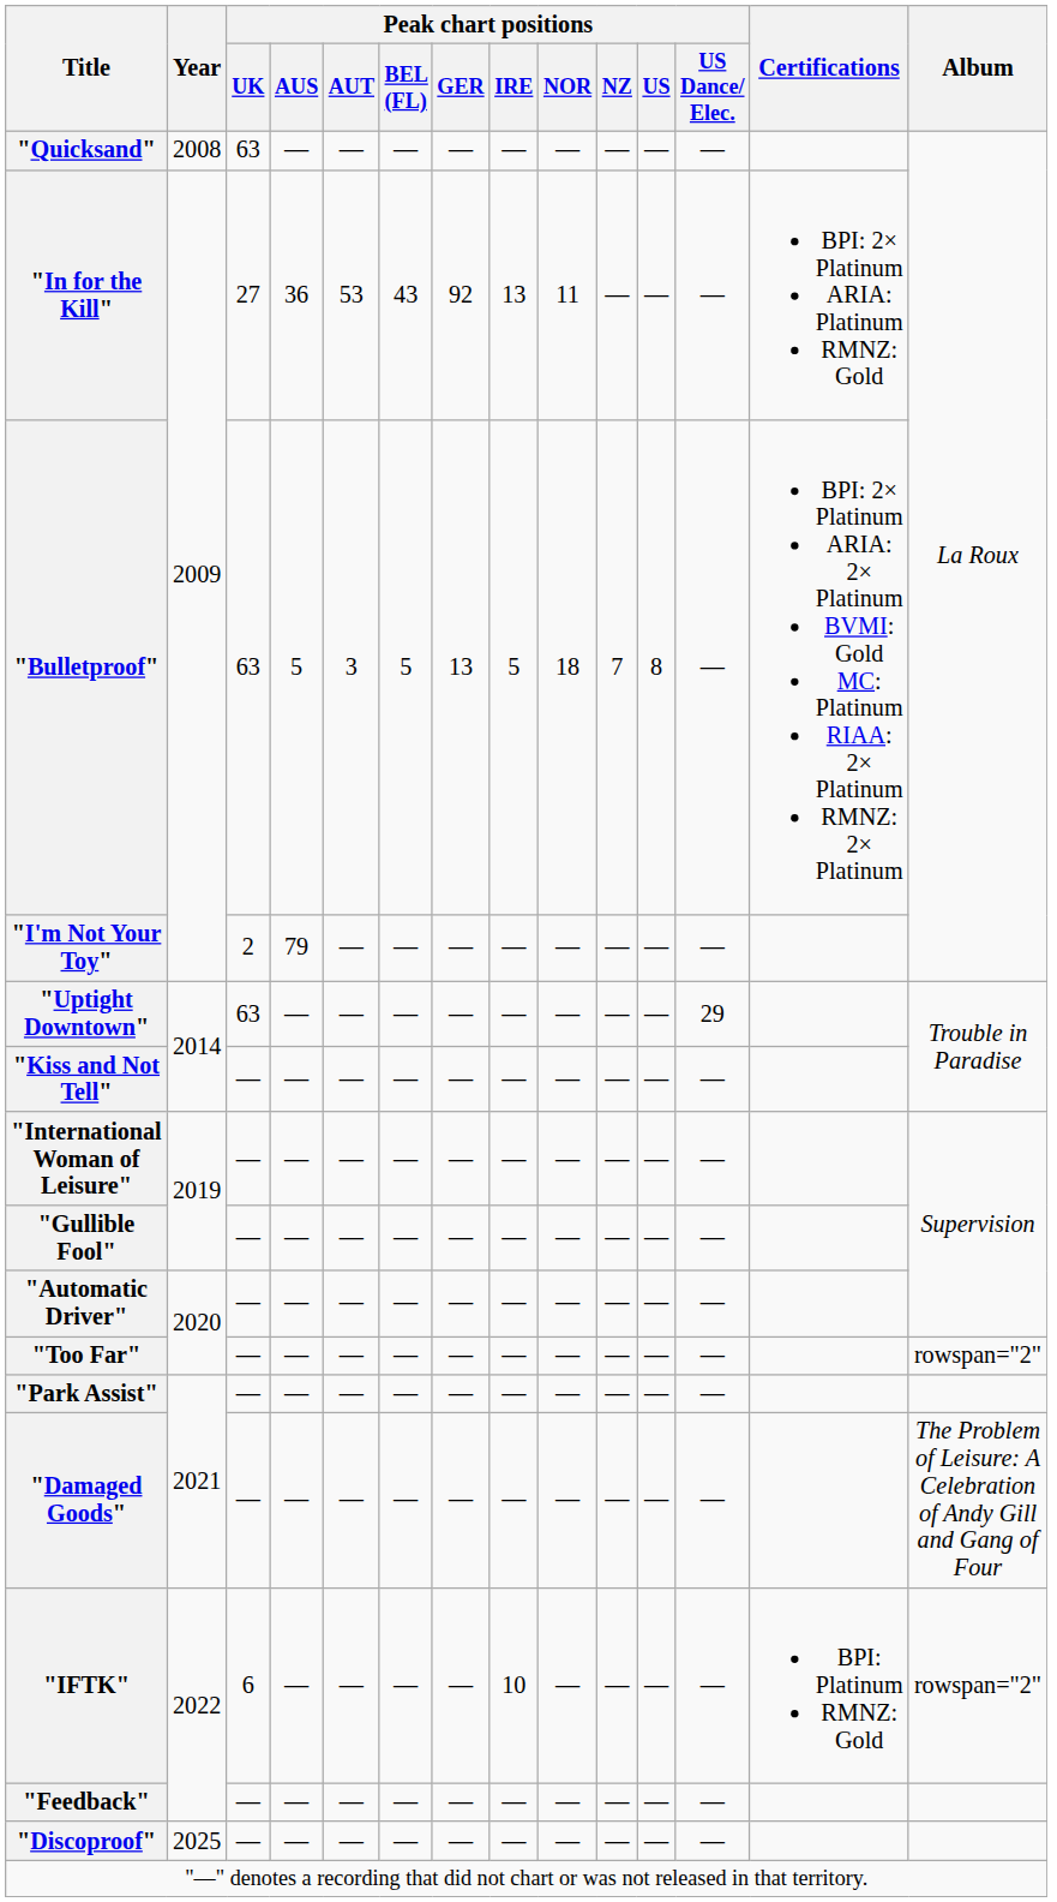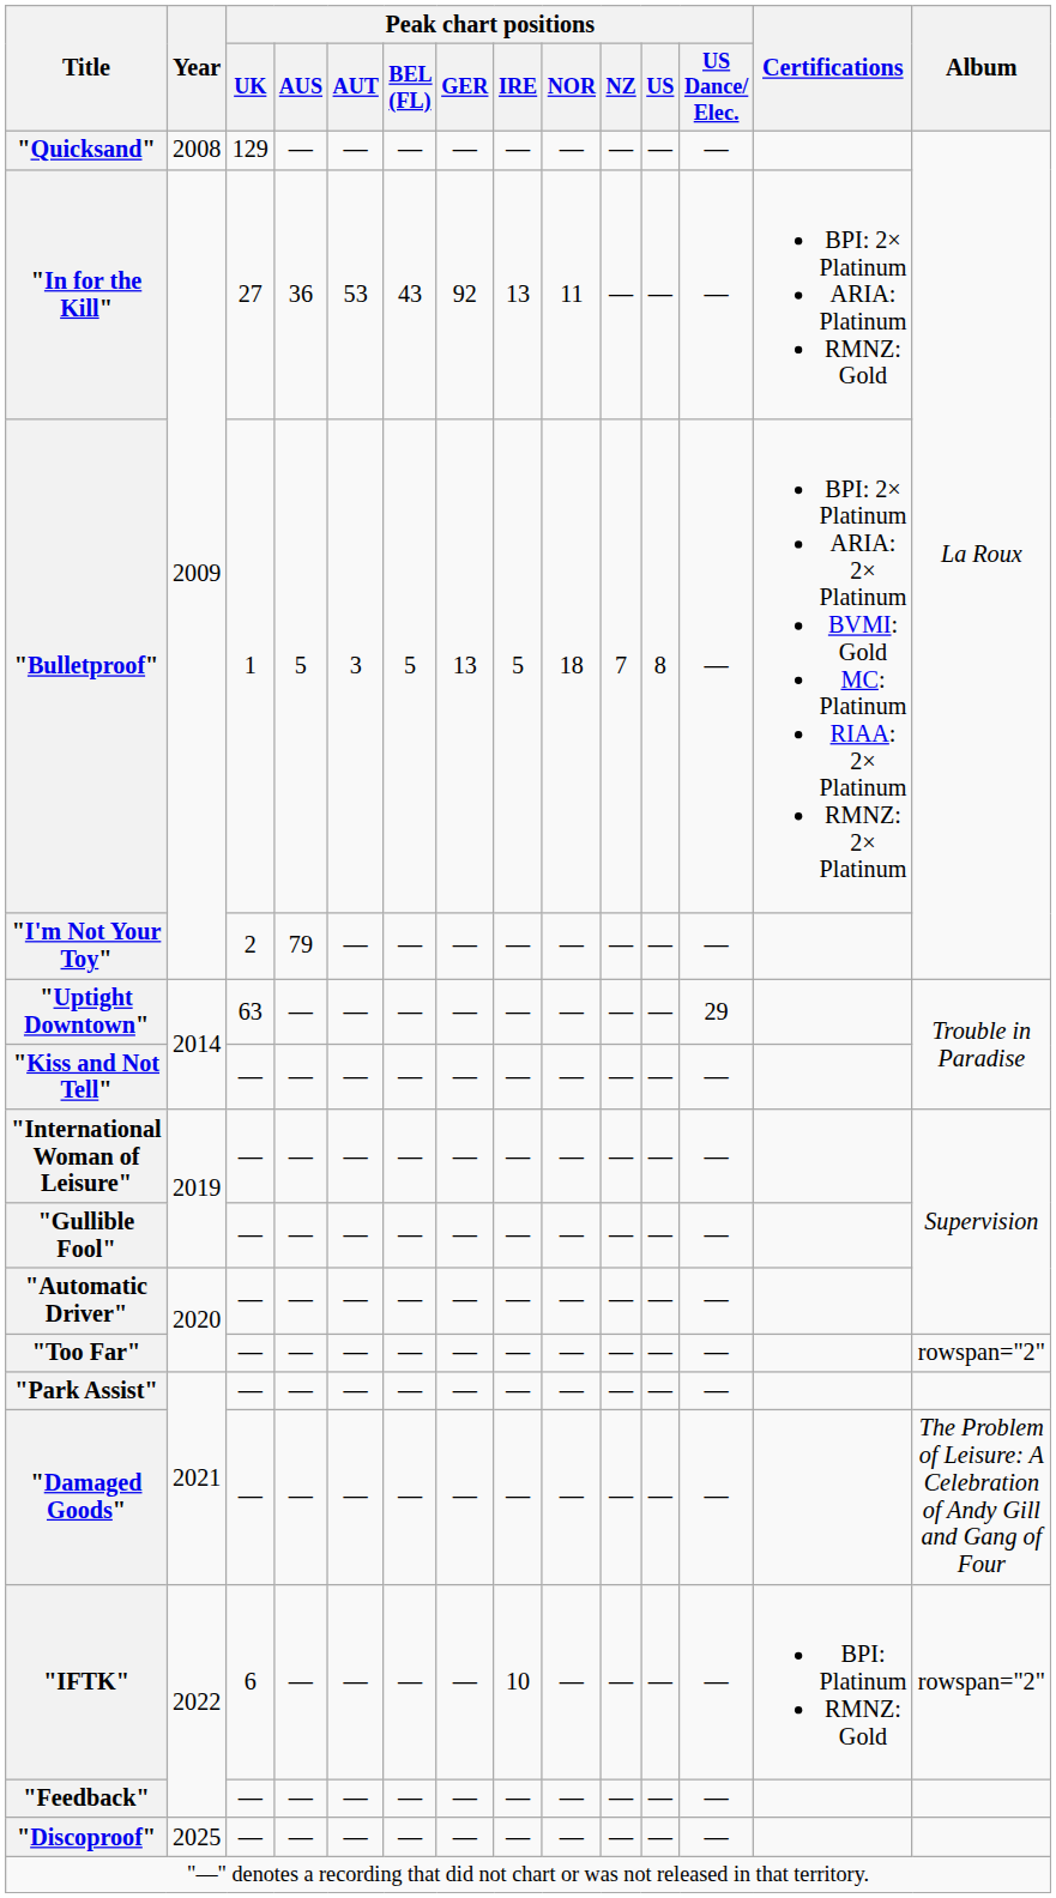 <table class="wikitable plainrowheaders" style="text-align:center">
 <tr>
 <th scope="col" rowspan="2" style="width:15em;">Title</th>
 <th scope="col" rowspan="2">Year</th>
 <th scope="col" colspan="10">Peak chart positions</th>
 <th scope="col" rowspan="2" style="width:12em;"><a href='#'>Certifications</a></th>
 <th scope="col" rowspan="2" style="width:12em;">Album</th>
 </tr>
 <tr>
 <th scope="col" style="width:2.5em;font-size:90%;"><a href='#'>UK</a><br></th>
 <th scope="col" style="width:2.5em;font-size:90%;"><a href='#'>AUS</a><br></th>
 <th scope="col" style="width:2.5em;font-size:90%;"><a href='#'>AUT</a><br></th>
 <th scope="col" style="width:2.5em;font-size:90%;"><a href='#'>BEL (FL)</a><br></th>
 <th scope="col" style="width:2.5em;font-size:90%;"><a href='#'>GER</a><br></th>
 <th scope="col" style="width:2.5em;font-size:90%;"><a href='#'>IRE</a><br></th>
 <th scope="col" style="width:2.5em;font-size:90%;"><a href='#'>NOR</a><br></th>
 <th scope="col" style="width:2.5em;font-size:90%;"><a href='#'>NZ</a><br></th>
 <th scope="col" style="width:2.5em;font-size:90%;"><a href='#'>US</a><br></th>
 <th scope="col" style="width:2.5em;font-size:90%;"><a href='#'>US<br>Dance/<br>Elec.</a><br></th>
 </tr>
 <tr>
 <th scope="row">"<a href='#'>Quicksand</a>"</th>
 <td>2008</td>
-<td>63</td>
+<td>129</td>
 <td>—</td>
 <td>—</td>
 <td>—</td>
 <td>—</td>
 <td>—</td>
 <td>—</td>
 <td>—</td>
 <td>—</td>
 <td>—</td>
 <td></td>
 <td rowspan="4"><em>La Roux</em></td>
 </tr>
 <tr>
 <th scope="row">"<a href='#'>In for the Kill</a>"</th>
 <td rowspan="3">2009</td>
 <td>27</td>
 <td>36</td>
 <td>53</td>
 <td>43</td>
 <td>92</td>
 <td>13</td>
 <td>11</td>
 <td>—</td>
 <td>—</td>
 <td>—</td>
 <td><br><ul><li>BPI: 2× Platinum</li><li>ARIA: Platinum</li><li>RMNZ: Gold</li></ul></td>
 </tr>
 <tr>
 <th scope="row">"<a href='#'>Bulletproof</a>"</th>
-<td>63</td>
+<td>1</td>
 <td>5</td>
 <td>3</td>
 <td>5</td>
 <td>13</td>
 <td>5</td>
 <td>18</td>
 <td>7</td>
 <td>8</td>
 <td>—</td>
 <td><br><ul><li>BPI: 2× Platinum</li><li>ARIA: 2× Platinum</li><li><a href='#'>BVMI</a>: Gold</li><li><a href='#'>MC</a>: Platinum</li><li><a href='#'>RIAA</a>: 2× Platinum</li><li>RMNZ: 2× Platinum</li></ul></td>
 </tr>
 <tr>
 <th scope="row">"<a href='#'>I'm Not Your Toy</a>"</th>
 <td>2</td>
 <td>79</td>
 <td>—</td>
 <td>—</td>
 <td>—</td>
 <td>—</td>
 <td>—</td>
 <td>—</td>
 <td>—</td>
 <td>—</td>
 <td></td>
 </tr>
 <tr>
 <th scope="row">"<a href='#'>Uptight Downtown</a>"</th>
 <td rowspan="2">2014</td>
 <td>63</td>
 <td>—</td>
 <td>—</td>
 <td>—</td>
 <td>—</td>
 <td>—</td>
 <td>—</td>
 <td>—</td>
 <td>—</td>
 <td>29</td>
 <td></td>
 <td rowspan="2"><em>Trouble in Paradise</em></td>
 </tr>
 <tr>
 <th scope="row">"<a href='#'>Kiss and Not Tell</a>"</th>
 <td>—</td>
 <td>—</td>
 <td>—</td>
 <td>—</td>
 <td>—</td>
 <td>—</td>
 <td>—</td>
 <td>—</td>
 <td>—</td>
 <td>—</td>
 <td></td>
 </tr>
 <tr>
 <th scope="row">"International Woman of Leisure"</th>
 <td rowspan="2">2019</td>
 <td>—</td>
 <td>—</td>
 <td>—</td>
 <td>—</td>
 <td>—</td>
 <td>—</td>
 <td>—</td>
 <td>—</td>
 <td>—</td>
 <td>—</td>
 <td></td>
 <td rowspan="3"><em>Supervision</em></td>
 </tr>
 <tr>
 <th scope="row">"Gullible Fool"</th>
 <td>—</td>
 <td>—</td>
 <td>—</td>
 <td>—</td>
 <td>—</td>
 <td>—</td>
 <td>—</td>
 <td>—</td>
 <td>—</td>
 <td>—</td>
 <td></td>
 </tr>
 <tr>
 <th scope="row">"Automatic Driver"<br></th>
 <td rowspan="2">2020</td>
 <td>—</td>
 <td>—</td>
 <td>—</td>
 <td>—</td>
 <td>—</td>
 <td>—</td>
 <td>—</td>
 <td>—</td>
 <td>—</td>
 <td>—</td>
 <td></td>
 </tr>
 <tr>
 <th scope="row">"Too Far"<br></th>
 <td>—</td>
 <td>—</td>
 <td>—</td>
 <td>—</td>
 <td>—</td>
 <td>—</td>
 <td>—</td>
 <td>—</td>
 <td>—</td>
 <td>—</td>
 <td></td>
 <td>rowspan="2" </td>
 </tr>
 <tr>
 <th scope="row">"Park Assist"<br></th>
 <td rowspan="2">2021</td>
 <td>—</td>
 <td>—</td>
 <td>—</td>
 <td>—</td>
 <td>—</td>
 <td>—</td>
 <td>—</td>
 <td>—</td>
 <td>—</td>
 <td>—</td>
 <td></td>
 </tr>
 <tr>
 <th scope="row">"<a href='#'>Damaged Goods</a>"</th>
 <td>—</td>
 <td>—</td>
 <td>—</td>
 <td>—</td>
 <td>—</td>
 <td>—</td>
 <td>—</td>
 <td>—</td>
 <td>—</td>
 <td>—</td>
 <td></td>
 <td><em>The Problem of Leisure: A Celebration of Andy Gill and Gang of Four</em></td>
 </tr>
 <tr>
 <th scope="row">"IFTK"<br></th>
 <td rowspan="2">2022</td>
 <td>6</td>
 <td>—</td>
 <td>—</td>
 <td>—</td>
 <td>—</td>
 <td>10</td>
 <td>—</td>
 <td>—</td>
 <td>—</td>
 <td>—</td>
 <td><br><ul><li>BPI: Platinum</li><li>RMNZ: Gold</li></ul></td>
 <td>rowspan="2" </td>
 </tr>
 <tr>
 <th scope="row">"Feedback"<br></th>
 <td>—</td>
 <td>—</td>
 <td>—</td>
 <td>—</td>
 <td>—</td>
 <td>—</td>
 <td>—</td>
 <td>—</td>
 <td>—</td>
 <td>—</td>
 <td></td>
 </tr>
 <tr>
 <th scope="row">"<a href='#'>Discoproof</a>"<br></th>
 <td>2025</td>
 <td>—</td>
 <td>—</td>
 <td>—</td>
 <td>—</td>
 <td>—</td>
 <td>—</td>
 <td>—</td>
 <td>—</td>
 <td>—</td>
 <td>—</td>
 <td></td>
 <td></td>
 </tr>
 <tr>
 <td colspan="14" style="font-size:90%">"—" denotes a recording that did not chart or was not released in that territory.</td>
 </tr>
 </table>
